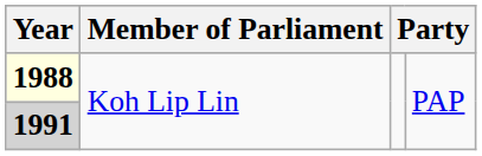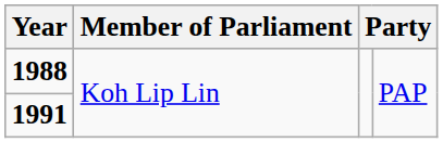 <table class="wikitable">
 <tr>
 <th>Year</th>
 <th>Member of Parliament</th>
 <th colspan="2">Party</th>
 </tr>
 <tr>
-<td style="background: lightyellow;"><strong>1988</strong></td>
+<td><strong>1988</strong></td>
 <td rowspan="2"><a href='#'>Koh Lip Lin</a></td>
 <td rowspan="2"></td>
 <td rowspan="2"><a href='#'>PAP</a></td>
 </tr>
 <tr>
-<td style="background: lightgrey;"><strong>1991</strong></td>
+<td><strong>1991</strong></td>
 </tr>
 </table>
